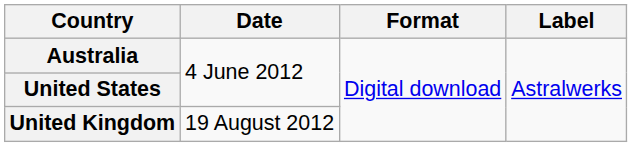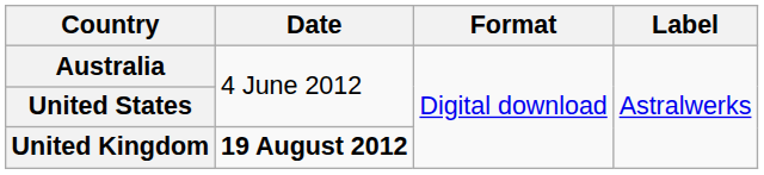 <table class="wikitable plainrowheaders">
 <tr>
 <th scope="col">Country</th>
 <th scope="col">Date</th>
 <th scope="col">Format</th>
 <th scope="col">Label</th>
 </tr>
 <tr>
 <th scope="row">Australia</th>
 <td rowspan="2">4 June 2012</td>
 <td rowspan="3"><a href='#'>Digital download</a></td>
 <td rowspan="3"><a href='#'>Astralwerks</a></td>
 </tr>
 <tr>
 <th scope="row">United States</th>
 </tr>
 <tr>
 <th scope="row">United Kingdom</th>
-<td>19 August 2012</td>
+<td><strong>19 August 2012</strong></td>
 </tr>
 </table>
